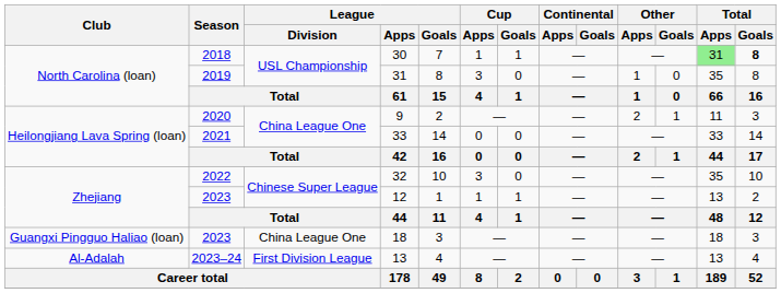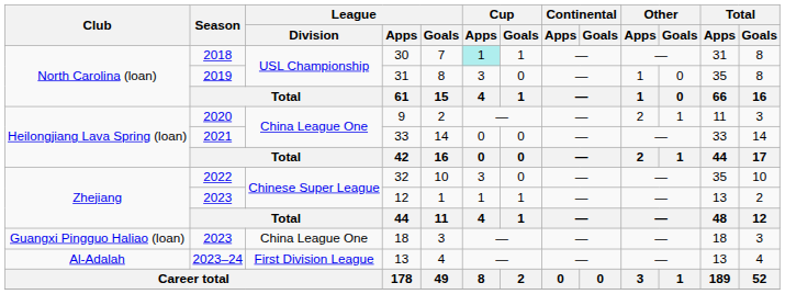 <table class="wikitable" style="text-align:center">
 <tr>
 <th rowspan="2">Club</th>
 <th rowspan="2">Season</th>
 <th colspan="3">League</th>
 <th colspan="2">Cup</th>
 <th colspan="2">Continental</th>
 <th colspan="2">Other</th>
 <th colspan="2">Total</th>
 </tr>
 <tr>
 <th>Division</th>
 <th>Apps</th>
 <th>Goals</th>
 <th>Apps</th>
 <th>Goals</th>
 <th>Apps</th>
 <th>Goals</th>
 <th>Apps</th>
 <th>Goals</th>
 <th>Apps</th>
 <th>Goals</th>
 </tr>
 <tr>
 <td rowspan="3"><a href='#'>North Carolina</a> (loan)</td>
 <td><a href='#'>2018</a></td>
 <td rowspan="2"><a href='#'>USL Championship</a></td>
 <td>30</td>
 <td>7</td>
-<td>1</td>
+<td style="background: paleturquoise;">1</td>
 <td>1</td>
 <td colspan="2">—</td>
 <td colspan="2">—</td>
-<td style="background: lightgreen;">31</td>
-<td><strong>8</strong></td>
+<td>31</td>
+<td>8</td>
 </tr>
 <tr>
 <td><a href='#'>2019</a></td>
 <td>31</td>
 <td>8</td>
 <td>3</td>
 <td>0</td>
 <td colspan="2">—</td>
 <td>1</td>
 <td>0</td>
 <td>35</td>
 <td>8</td>
 </tr>
 <tr>
 <th colspan="2">Total</th>
 <th>61</th>
 <th>15</th>
 <th>4</th>
 <th>1</th>
 <th colspan="2">—</th>
 <th>1</th>
 <th>0</th>
 <th>66</th>
 <th>16</th>
 </tr>
 <tr>
 <td rowspan="3"><a href='#'>Heilongjiang Lava Spring</a> (loan)</td>
 <td><a href='#'>2020</a></td>
 <td rowspan="2"><a href='#'>China League One</a></td>
 <td>9</td>
 <td>2</td>
 <td colspan="2">—</td>
 <td colspan="2">—</td>
 <td>2</td>
 <td>1</td>
 <td>11</td>
 <td>3</td>
 </tr>
 <tr>
 <td><a href='#'>2021</a></td>
 <td>33</td>
 <td>14</td>
 <td>0</td>
 <td>0</td>
 <td colspan="2">—</td>
 <td colspan="2">—</td>
 <td>33</td>
 <td>14</td>
 </tr>
 <tr>
 <th colspan="2">Total</th>
 <th>42</th>
 <th>16</th>
 <th>0</th>
 <th>0</th>
 <th colspan="2">—</th>
 <th>2</th>
 <th>1</th>
 <th>44</th>
 <th>17</th>
 </tr>
 <tr>
 <td rowspan="3"><a href='#'>Zhejiang</a></td>
 <td><a href='#'>2022</a></td>
 <td rowspan="2"><a href='#'>Chinese Super League</a></td>
 <td>32</td>
 <td>10</td>
 <td>3</td>
 <td>0</td>
 <td colspan="2">—</td>
 <td colspan="2">—</td>
 <td>35</td>
 <td>10</td>
 </tr>
 <tr>
 <td><a href='#'>2023</a></td>
 <td>12</td>
 <td>1</td>
 <td>1</td>
 <td>1</td>
 <td colspan="2">—</td>
 <td colspan="2">—</td>
 <td>13</td>
 <td>2</td>
 </tr>
 <tr>
 <th colspan="2">Total</th>
 <th>44</th>
 <th>11</th>
 <th>4</th>
 <th>1</th>
 <th colspan="2">—</th>
 <th colspan="2">—</th>
 <th>48</th>
 <th>12</th>
 </tr>
 <tr>
 <td><a href='#'>Guangxi Pingguo Haliao</a> (loan)</td>
 <td><a href='#'>2023</a></td>
 <td>China League One</td>
 <td>18</td>
 <td>3</td>
 <td colspan="2">—</td>
 <td colspan="2">—</td>
 <td colspan="2">—</td>
 <td>18</td>
 <td>3</td>
 </tr>
 <tr>
 <td><a href='#'>Al-Adalah</a></td>
 <td><a href='#'>2023–24</a></td>
 <td><a href='#'>First Division League</a></td>
 <td>13</td>
 <td>4</td>
 <td colspan="2">—</td>
 <td colspan="2">—</td>
 <td colspan="2">—</td>
 <td>13</td>
 <td>4</td>
 </tr>
 <tr>
 <th colspan="3">Career total</th>
 <th>178</th>
 <th>49</th>
 <th>8</th>
 <th>2</th>
 <th>0</th>
 <th>0</th>
 <th>3</th>
 <th>1</th>
 <th>189</th>
 <th>52</th>
 </tr>
 <tr>
 </tr>
 </table>
